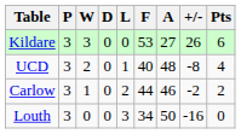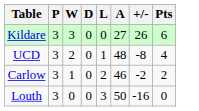 <table class="wikitable">
 <tr>
 <th>Table</th>
 <th>P</th>
 <th>W</th>
 <th>D</th>
 <th>L</th>
-<th>F</th>
 <th>A</th>
 <th>+/-</th>
 <th>Pts</th>
 </tr>
 <tr style="text-align:Center; background:#cfc;">
 <td><a href='#'>Kildare</a></td>
 <td>3</td>
 <td>3</td>
 <td>0</td>
 <td>0</td>
-<td>53</td>
 <td>27</td>
 <td>26</td>
 <td>6</td>
 </tr>
 <tr style="text-align:Center;">
 <td><a href='#'>UCD</a></td>
 <td>3</td>
 <td>2</td>
 <td>0</td>
 <td>1</td>
-<td>40</td>
 <td>48</td>
 <td>-8</td>
 <td>4</td>
 </tr>
 <tr style="text-align:Center;">
 <td><a href='#'>Carlow</a></td>
 <td>3</td>
 <td>1</td>
 <td>0</td>
 <td>2</td>
-<td>44</td>
 <td>46</td>
 <td>-2</td>
 <td>2</td>
 </tr>
 <tr style="text-align:Center;">
 <td><a href='#'>Louth</a></td>
 <td>3</td>
 <td>0</td>
 <td>0</td>
 <td>3</td>
-<td>34</td>
 <td>50</td>
 <td>-16</td>
 <td>0</td>
 </tr>
 </table>
